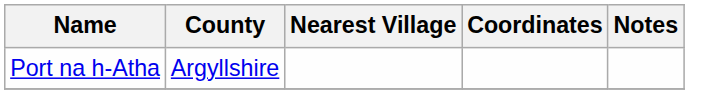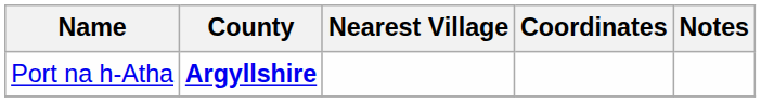 <table class="wikitable sortable" style="table-layout:fixed;background-color:#FEFEFE;font-size:95%;padding:0.30em;line-height:1.35em;">
 <tr>
 <th scope="col">Name</th>
 <th scope="col">County</th>
 <th scope="col">Nearest Village</th>
 <th scope="col" data-sort-type="number">Coordinates</th>
 <th scope="col">Notes</th>
 </tr>
 <tr>
 <td><a href='#'>Port na h-Atha</a></td>
-<td><a href='#'>Argyllshire</a></td>
+<td><strong><a href='#'>Argyllshire</a></strong></td>
 <td></td>
 <td></td>
 <td></td>
 </tr>
 <tr>
 </tr>
 </table>
